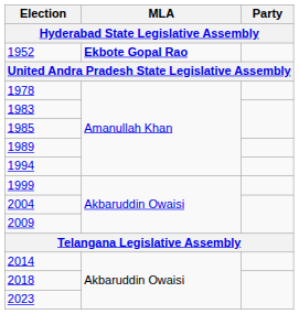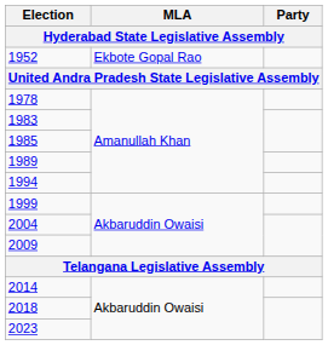 <table class="wikitable sortable">
 <tr>
 <th>Election</th>
 <th>MLA</th>
 <th colspan=2>Party</th>
 </tr>
 <tr>
 <th colspan=4><a href='#'>Hyderabad State Legislative Assembly</a></th>
 </tr>
 <tr>
 <td><a href='#'>1952</a></td>
-<td><strong><a href='#'>Ekbote Gopal Rao</a></strong></td>
+<td><a href='#'>Ekbote Gopal Rao</a></td>
 <td></td>
 </tr>
 <tr>
 <th colspan=4><a href='#'>United Andra Pradesh State Legislative Assembly</a></th>
 </tr>
 <tr>
 <td><a href='#'>1978</a></td>
 <td rowspan="5"><a href='#'>Amanullah Khan</a></td>
 <td></td>
 </tr>
 <tr>
 <td><a href='#'>1983</a></td>
 </tr>
 <tr>
 <td><a href='#'>1985</a></td>
 </tr>
 <tr>
 <td><a href='#'>1989</a></td>
 <td></td>
 </tr>
 <tr>
 <td><a href='#'>1994</a></td>
 <td></td>
 </tr>
 <tr>
 <td><a href='#'>1999</a></td>
 <td rowspan="3"><a href='#'>Akbaruddin Owaisi</a></td>
 <td></td>
 </tr>
 <tr>
 <td><a href='#'>2004</a></td>
 </tr>
 <tr>
 <td><a href='#'>2009</a></td>
 </tr>
 <tr>
 <th colspan=4><a href='#'>Telangana Legislative Assembly</a></th>
 </tr>
 <tr>
 <td><a href='#'>2014</a></td>
 <td rowspan="3">Akbaruddin Owaisi</td>
 <td></td>
 </tr>
 <tr>
 <td><a href='#'>2018</a></td>
 </tr>
 <tr>
 <td><a href='#'>2023</a></td>
 </tr>
 </table>
